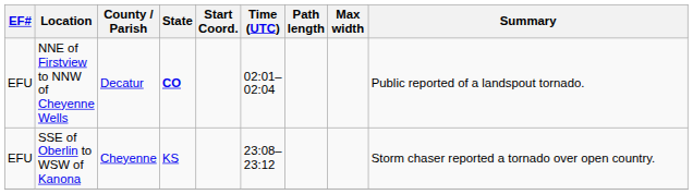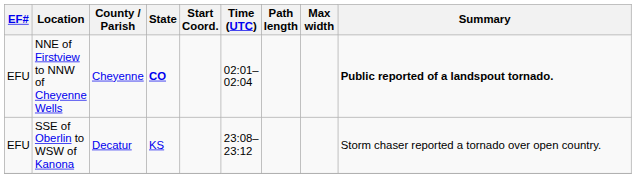 <table class="wikitable sortable" style="width:100%;">
 <tr>
 <th scope="col"  style="width:3%; text-align:center;"><a href='#'>EF#</a></th>
 <th scope="col"  style="width:7%; text-align:center;" class="unsortable">Location</th>
 <th scope="col"  style="width:6%; text-align:center;" class="unsortable">County / Parish</th>
 <th scope="col"  style="width:5%; text-align:center;">State</th>
 <th scope="col"  style="width:6%; text-align:center;">Start Coord.</th>
 <th scope="col"  style="width:6%; text-align:center;">Time (<a href='#'>UTC</a>)</th>
 <th scope="col"  style="width:6%; text-align:center;">Path length</th>
 <th scope="col"  style="width:6%; text-align:center;">Max width</th>
 <th scope="col" class="unsortable" style="width:48%; text-align:center;">Summary</th>
 </tr>
 <tr>
 <td>EFU</td>
 <td>NNE of <a href='#'>Firstview</a> to NNW of <a href='#'>Cheyenne Wells</a></td>
-<td><a href='#'>Decatur</a></td>
+<td><a href='#'>Cheyenne</a></td>
 <td><strong><a href='#'>CO</a></strong></td>
 <td></td>
 <td>02:01–02:04</td>
 <td></td>
 <td></td>
-<td>Public reported of a landspout tornado.</td>
+<td><strong>Public reported of a landspout tornado.</strong></td>
 </tr>
 <tr>
 <td>EFU</td>
 <td>SSE of <a href='#'>Oberlin</a> to WSW of <a href='#'>Kanona</a></td>
-<td><a href='#'>Cheyenne</a></td>
+<td><a href='#'>Decatur</a></td>
 <td><a href='#'>KS</a></td>
 <td></td>
 <td>23:08–23:12</td>
 <td></td>
 <td></td>
 <td>Storm chaser reported a tornado over open country.</td>
 </tr>
 <tr>
 </tr>
 </table>
